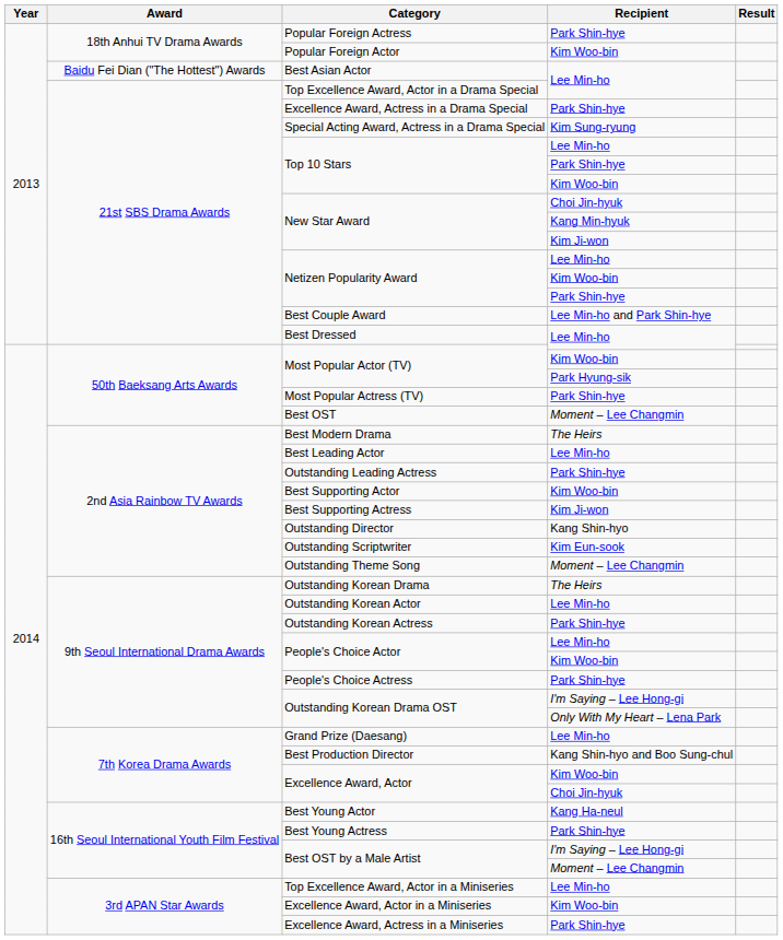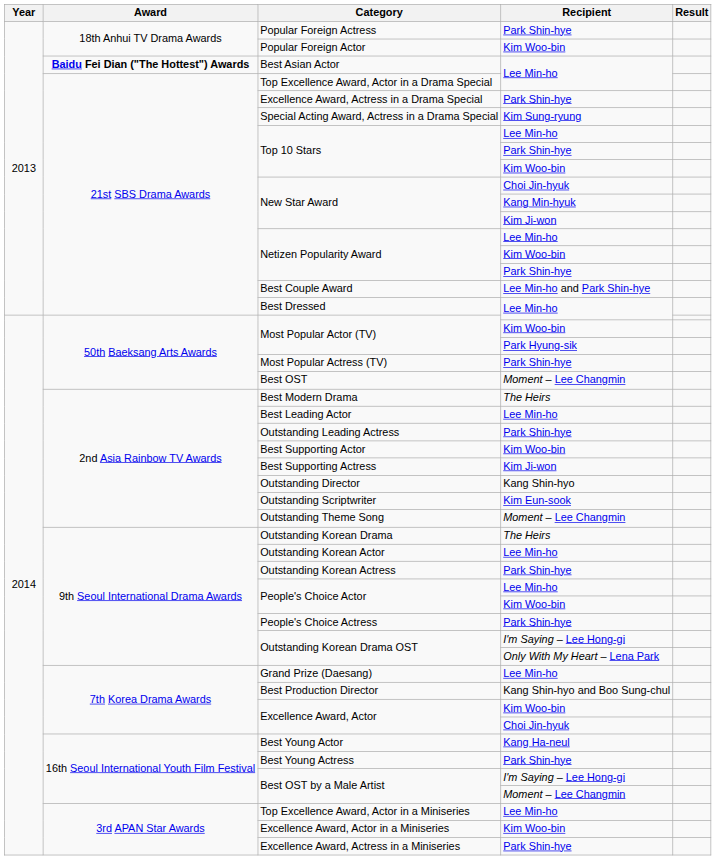 <table class="wikitable">
 <tr>
 <th style="width:50px;">Year</th>
 <th>Award</th>
 <th>Category</th>
 <th>Recipient</th>
 <th>Result</th>
 </tr>
 <tr>
 <td rowspan="17" style="text-align:center">2013</td>
 <td rowspan="2" style="text-align:center">18th Anhui TV Drama Awards</td>
 <td>Popular Foreign Actress</td>
 <td><a href='#'>Park Shin-hye</a></td>
 <td></td>
 </tr>
 <tr>
 <td>Popular Foreign Actor</td>
 <td><a href='#'>Kim Woo-bin</a></td>
 <td></td>
 </tr>
 <tr>
-<td style="text-align:center"><a href='#'>Baidu</a> Fei Dian ("The Hottest") Awards</td>
+<td style="text-align:center"><strong><a href='#'>Baidu</a> Fei Dian ("The Hottest") Awards</strong></td>
 <td>Best Asian Actor</td>
 <td rowspan="2"><a href='#'>Lee Min-ho</a></td>
 <td></td>
 </tr>
 <tr>
 <td rowspan="14" style="text-align:center"><a href='#'>21st</a> <a href='#'>SBS Drama Awards</a></td>
 <td>Top Excellence Award, Actor in a Drama Special</td>
 <td></td>
 </tr>
 <tr>
 <td>Excellence Award, Actress in a Drama Special</td>
 <td><a href='#'>Park Shin-hye</a></td>
 <td></td>
 </tr>
 <tr>
 <td>Special Acting Award, Actress in a Drama Special</td>
 <td><a href='#'>Kim Sung-ryung</a></td>
 <td></td>
 </tr>
 <tr>
 <td rowspan="3">Top 10 Stars</td>
 <td><a href='#'>Lee Min-ho</a></td>
 <td></td>
 </tr>
 <tr>
 <td><a href='#'>Park Shin-hye</a></td>
 <td></td>
 </tr>
 <tr>
 <td><a href='#'>Kim Woo-bin</a></td>
 <td></td>
 </tr>
 <tr>
 <td rowspan="3">New Star Award</td>
 <td><a href='#'>Choi Jin-hyuk</a></td>
 <td></td>
 </tr>
 <tr>
 <td><a href='#'>Kang Min-hyuk</a></td>
 <td></td>
 </tr>
 <tr>
 <td><a href='#'>Kim Ji-won</a></td>
 <td></td>
 </tr>
 <tr>
 <td rowspan="3">Netizen Popularity Award</td>
 <td><a href='#'>Lee Min-ho</a></td>
 <td></td>
 </tr>
 <tr>
 <td><a href='#'>Kim Woo-bin</a></td>
 <td></td>
 </tr>
 <tr>
 <td><a href='#'>Park Shin-hye</a></td>
 <td></td>
 </tr>
 <tr>
 <td>Best Couple Award</td>
 <td><a href='#'>Lee Min-ho</a> and <a href='#'>Park Shin-hye</a></td>
 <td></td>
 </tr>
 <tr>
 <td>Best Dressed</td>
 <td rowspan="2"><a href='#'>Lee Min-ho</a></td>
 <td></td>
 </tr>
 <tr>
 <td rowspan="32" style="text-align:center">2014</td>
 <td rowspan="5" style="text-align:center"><a href='#'>50th</a> <a href='#'>Baeksang Arts Awards</a></td>
 <td rowspan="3">Most Popular Actor (TV)</td>
 <td></td>
 </tr>
 <tr>
 <td><a href='#'>Kim Woo-bin</a></td>
 <td></td>
 </tr>
 <tr>
 <td><a href='#'>Park Hyung-sik</a></td>
 <td></td>
 </tr>
 <tr>
 <td>Most Popular Actress (TV)</td>
 <td><a href='#'>Park Shin-hye</a></td>
 <td></td>
 </tr>
 <tr>
 <td>Best OST</td>
 <td><em>Moment</em> – <a href='#'>Lee Changmin</a></td>
 <td></td>
 </tr>
 <tr>
 <td rowspan="8" style="text-align:center">2nd <a href='#'>Asia Rainbow TV Awards</a></td>
 <td>Best Modern Drama</td>
 <td><em>The Heirs</em></td>
 <td></td>
 </tr>
 <tr>
 <td>Best Leading Actor</td>
 <td><a href='#'>Lee Min-ho</a></td>
 <td></td>
 </tr>
 <tr>
 <td>Outstanding Leading Actress</td>
 <td><a href='#'>Park Shin-hye</a></td>
 <td></td>
 </tr>
 <tr>
 <td>Best Supporting Actor</td>
 <td><a href='#'>Kim Woo-bin</a></td>
 <td></td>
 </tr>
 <tr>
 <td>Best Supporting Actress</td>
 <td><a href='#'>Kim Ji-won</a></td>
 <td></td>
 </tr>
 <tr>
 <td>Outstanding Director</td>
 <td>Kang Shin-hyo</td>
 <td></td>
 </tr>
 <tr>
 <td>Outstanding Scriptwriter</td>
 <td><a href='#'>Kim Eun-sook</a></td>
 <td></td>
 </tr>
 <tr>
 <td>Outstanding Theme Song</td>
 <td><em>Moment</em> – <a href='#'>Lee Changmin</a></td>
 <td></td>
 </tr>
 <tr>
 <td rowspan="8" style="text-align:center">9th <a href='#'>Seoul International Drama Awards</a></td>
 <td>Outstanding Korean Drama</td>
 <td><em>The Heirs</em></td>
 <td></td>
 </tr>
 <tr>
 <td>Outstanding Korean Actor</td>
 <td><a href='#'>Lee Min-ho</a></td>
 <td></td>
 </tr>
 <tr>
 <td>Outstanding Korean Actress</td>
 <td><a href='#'>Park Shin-hye</a></td>
 <td></td>
 </tr>
 <tr>
 <td rowspan="2">People's Choice Actor</td>
 <td><a href='#'>Lee Min-ho</a></td>
 <td></td>
 </tr>
 <tr>
 <td><a href='#'>Kim Woo-bin</a></td>
 <td></td>
 </tr>
 <tr>
 <td>People's Choice Actress</td>
 <td><a href='#'>Park Shin-hye</a></td>
 <td></td>
 </tr>
 <tr>
 <td rowspan="2">Outstanding Korean Drama OST</td>
 <td><em>I'm Saying</em> – <a href='#'>Lee Hong-gi</a></td>
 <td></td>
 </tr>
 <tr>
 <td><em>Only With My Heart</em> – <a href='#'>Lena Park</a></td>
 <td></td>
 </tr>
 <tr>
 <td rowspan="4" style="text-align:center"><a href='#'>7th</a> <a href='#'>Korea Drama Awards</a></td>
 <td>Grand Prize (Daesang)</td>
 <td><a href='#'>Lee Min-ho</a></td>
 <td></td>
 </tr>
 <tr>
 <td>Best Production Director</td>
 <td>Kang Shin-hyo and Boo Sung-chul</td>
 <td></td>
 </tr>
 <tr>
 <td rowspan="2">Excellence Award, Actor</td>
 <td><a href='#'>Kim Woo-bin</a></td>
 <td></td>
 </tr>
 <tr>
 <td><a href='#'>Choi Jin-hyuk</a></td>
 <td></td>
 </tr>
 <tr>
 <td rowspan="4" style="text-align:center">16th <a href='#'>Seoul International Youth Film Festival</a></td>
 <td>Best Young Actor</td>
 <td><a href='#'>Kang Ha-neul</a></td>
 <td></td>
 </tr>
 <tr>
 <td>Best Young Actress</td>
 <td><a href='#'>Park Shin-hye</a></td>
 <td></td>
 </tr>
 <tr>
 <td rowspan="2">Best OST by a Male Artist</td>
 <td><em>I'm Saying</em> – <a href='#'>Lee Hong-gi</a></td>
 <td></td>
 </tr>
 <tr>
 <td><em>Moment</em> – <a href='#'>Lee Changmin</a></td>
 <td></td>
 </tr>
 <tr>
 <td rowspan="3" style="text-align:center"><a href='#'>3rd</a> <a href='#'>APAN Star Awards</a></td>
 <td>Top Excellence Award, Actor in a Miniseries</td>
 <td><a href='#'>Lee Min-ho</a></td>
 <td></td>
 </tr>
 <tr>
 <td>Excellence Award, Actor in a Miniseries</td>
 <td><a href='#'>Kim Woo-bin</a></td>
 <td></td>
 </tr>
 <tr>
 <td>Excellence Award, Actress in a Miniseries</td>
 <td><a href='#'>Park Shin-hye</a></td>
 <td></td>
 </tr>
 </table>
